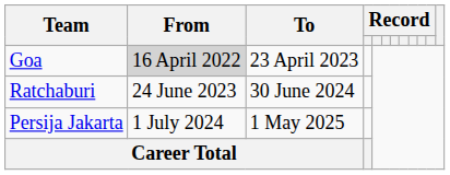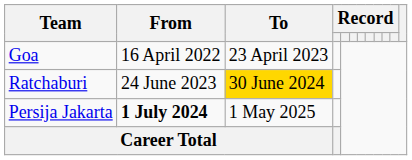 <table class="wikitable" style="text-align:center">
 <tr>
 <th rowspan="2">Team</th>
 <th rowspan="2">From</th>
 <th rowspan="2">To</th>
 <th colspan="8">Record</th>
 <th rowspan="2"></th>
 </tr>
 <tr>
 <th></th>
 <th></th>
 <th></th>
 <th></th>
 <th></th>
 <th></th>
 <th></th>
 <th></th>
 </tr>
 <tr>
 <td align="left"><a href='#'>Goa</a></td>
-<td align="left" style="background: lightgrey;">16 April 2022</td>
+<td align="left">16 April 2022</td>
 <td align="left">23 April 2023<br></td>
 <td></td>
 </tr>
 <tr>
 <td align="left"><a href='#'>Ratchaburi</a></td>
 <td align="left">24 June 2023</td>
-<td align="left">30 June 2024<br></td>
+<td align="left" style="background: gold;">30 June 2024<br></td>
 <td></td>
 </tr>
 <tr>
 <td align="left"><a href='#'>Persija Jakarta</a></td>
-<td align="left">1 July 2024</td>
+<td align="left"><strong>1 July 2024</strong></td>
 <td align="left">1 May 2025<br></td>
 <td></td>
 </tr>
 <tr>
 <th colspan="3">Career Total<br></th>
 <th></th>
 </tr>
 </table>
